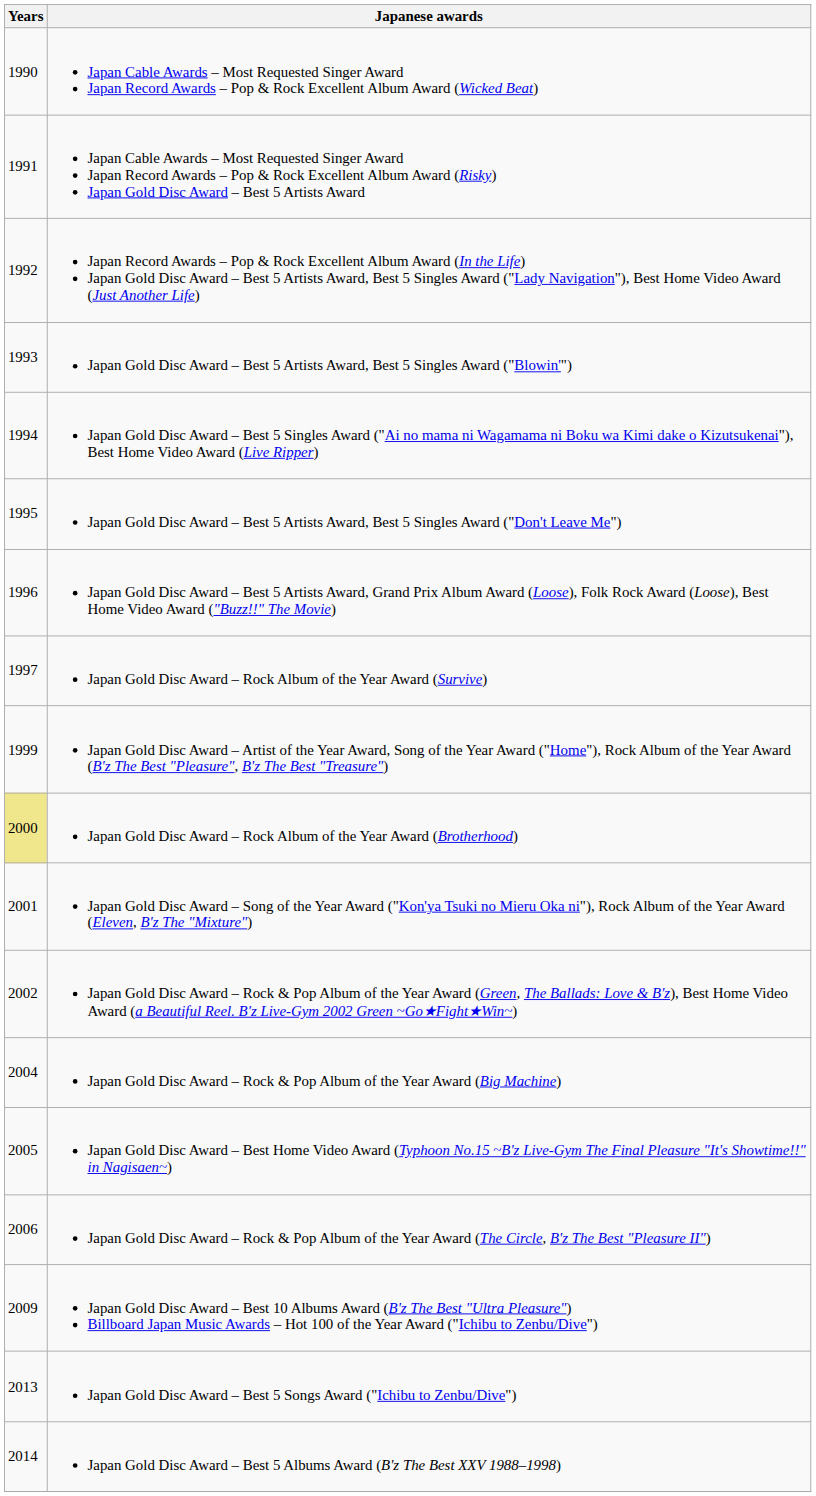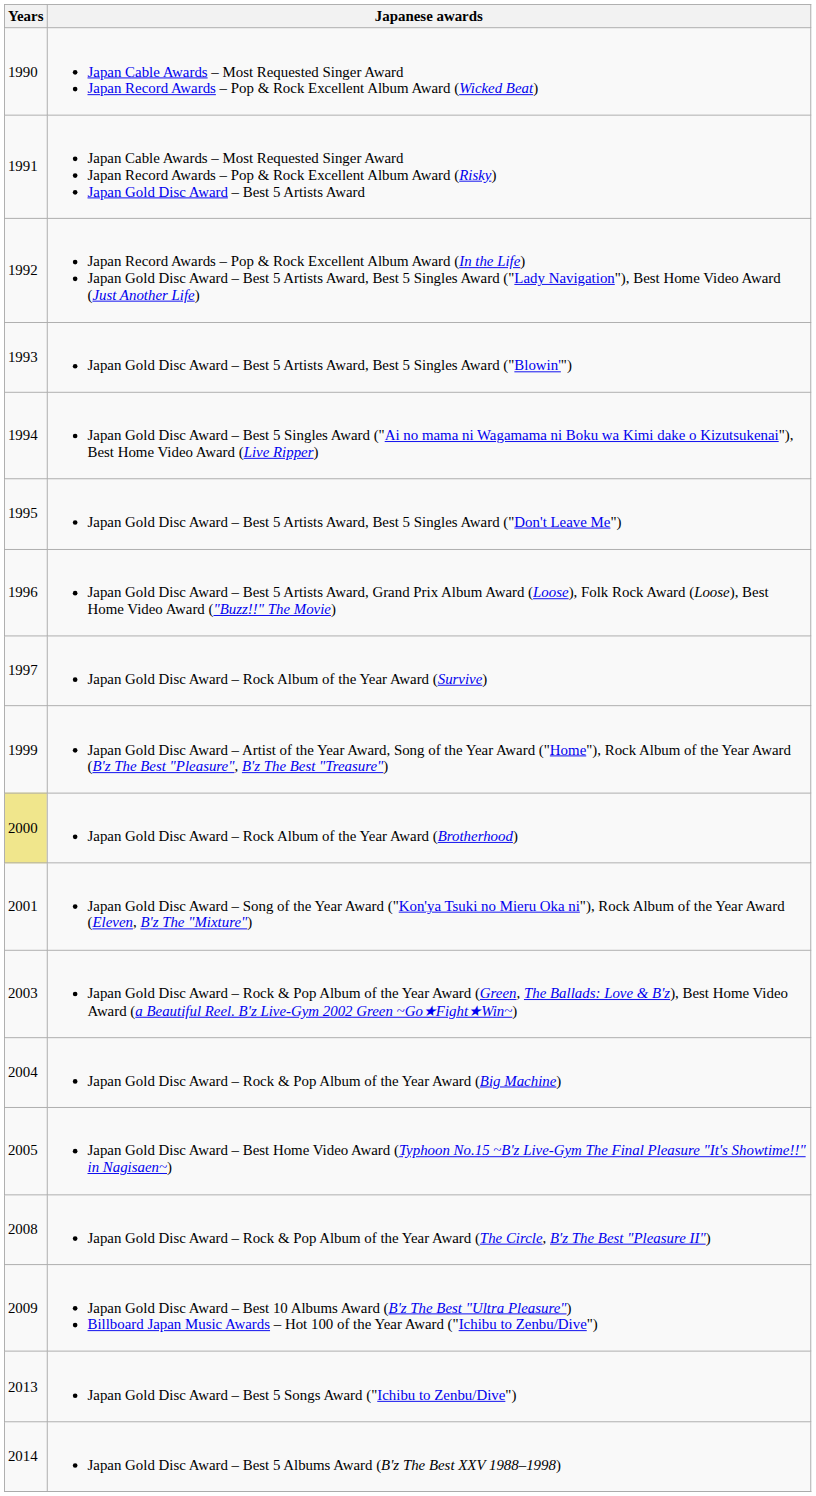 <table class="wikitable">
 <tr>
 <th>Years</th>
 <th>Japanese awards</th>
 </tr>
 <tr>
 <td>1990</td>
 <td><br><ul><li><a href='#'>Japan Cable Awards</a> – Most Requested Singer Award</li><li><a href='#'>Japan Record Awards</a> – Pop & Rock Excellent Album Award (<em><a href='#'>Wicked Beat</a></em>)</li></ul></td>
 </tr>
 <tr>
 <td>1991</td>
 <td><br><ul><li>Japan Cable Awards – Most Requested Singer Award</li><li>Japan Record Awards – Pop & Rock Excellent Album Award (<em><a href='#'>Risky</a></em>)</li><li><a href='#'>Japan Gold Disc Award</a> – Best 5 Artists Award</li></ul></td>
 </tr>
 <tr>
 <td>1992</td>
 <td><br><ul><li>Japan Record Awards – Pop & Rock Excellent Album Award (<em><a href='#'>In the Life</a></em>)</li><li>Japan Gold Disc Award – Best 5 Artists Award, Best 5 Singles Award ("<a href='#'>Lady Navigation</a>"), Best Home Video Award (<em><a href='#'>Just Another Life</a></em>)</li></ul></td>
 </tr>
 <tr>
 <td>1993</td>
 <td><br><ul><li>Japan Gold Disc Award – Best 5 Artists Award, Best 5 Singles Award ("<a href='#'>Blowin'</a>")</li></ul></td>
 </tr>
 <tr>
 <td>1994</td>
 <td><br><ul><li>Japan Gold Disc Award – Best 5 Singles Award ("<a href='#'>Ai no mama ni Wagamama ni Boku wa Kimi dake o Kizutsukenai</a>"), Best Home Video Award (<em><a href='#'>Live Ripper</a></em>)</li></ul></td>
 </tr>
 <tr>
 <td>1995</td>
 <td><br><ul><li>Japan Gold Disc Award – Best 5 Artists Award, Best 5 Singles Award ("<a href='#'>Don't Leave Me</a>")</li></ul></td>
 </tr>
 <tr>
 <td>1996</td>
 <td><br><ul><li>Japan Gold Disc Award – Best 5 Artists Award, Grand Prix Album Award (<em><a href='#'>Loose</a></em>), Folk Rock Award (<em>Loose</em>), Best Home Video Award (<em><a href='#'>"Buzz!!" The Movie</a></em>)</li></ul></td>
 </tr>
 <tr>
 <td>1997</td>
 <td><br><ul><li>Japan Gold Disc Award – Rock Album of the Year Award (<em><a href='#'>Survive</a></em>)</li></ul></td>
 </tr>
 <tr>
 <td>1999</td>
 <td><br><ul><li>Japan Gold Disc Award – Artist of the Year Award, Song of the Year Award ("<a href='#'>Home</a>"), Rock Album of the Year Award (<em><a href='#'>B'z The Best "Pleasure"</a></em>, <em><a href='#'>B'z The Best "Treasure"</a></em>)</li></ul></td>
 </tr>
 <tr>
 <td style="background: khaki;">2000</td>
 <td><br><ul><li>Japan Gold Disc Award – Rock Album of the Year Award (<em><a href='#'>Brotherhood</a></em>)</li></ul></td>
 </tr>
 <tr>
 <td>2001</td>
 <td><br><ul><li>Japan Gold Disc Award – Song of the Year Award ("<a href='#'>Kon'ya Tsuki no Mieru Oka ni</a>"), Rock Album of the Year Award (<em><a href='#'>Eleven</a></em>, <em><a href='#'>B'z The "Mixture"</a></em>)</li></ul></td>
 </tr>
 <tr>
-<td>2002</td>
+<td>2003</td>
 <td><br><ul><li>Japan Gold Disc Award – Rock & Pop Album of the Year Award (<em><a href='#'>Green</a></em>, <em><a href='#'>The Ballads: Love & B'z</a></em>), Best Home Video Award (<em><a href='#'>a Beautiful Reel. B'z Live-Gym 2002 Green ~Go★Fight★Win~</a></em>)</li></ul></td>
 </tr>
 <tr>
 <td>2004</td>
 <td><br><ul><li>Japan Gold Disc Award – Rock & Pop Album of the Year Award (<em><a href='#'>Big Machine</a></em>)</li></ul></td>
 </tr>
 <tr>
 <td>2005</td>
 <td><br><ul><li>Japan Gold Disc Award – Best Home Video Award (<em><a href='#'>Typhoon No.15 ~B'z Live-Gym The Final Pleasure "It's Showtime!!" in Nagisaen~</a></em>)</li></ul></td>
 </tr>
 <tr>
-<td>2006</td>
+<td>2008</td>
 <td><br><ul><li>Japan Gold Disc Award – Rock & Pop Album of the Year Award (<em><a href='#'>The Circle</a></em>, <em><a href='#'>B'z The Best "Pleasure II"</a></em>)</li></ul></td>
 </tr>
 <tr>
 <td>2009</td>
 <td><br><ul><li>Japan Gold Disc Award – Best 10 Albums Award (<em><a href='#'>B'z The Best "Ultra Pleasure"</a></em>)</li><li><a href='#'>Billboard Japan Music Awards</a> – Hot 100 of the Year Award ("<a href='#'>Ichibu to Zenbu/Dive</a>")</li></ul></td>
 </tr>
 <tr>
 <td>2013</td>
 <td><br><ul><li>Japan Gold Disc Award – Best 5 Songs Award ("<a href='#'>Ichibu to Zenbu/Dive</a>")</li></ul></td>
 </tr>
 <tr>
 <td>2014</td>
 <td><br><ul><li>Japan Gold Disc Award – Best 5 Albums Award (<em>B'z The Best XXV 1988–1998</em>)</li></ul></td>
 </tr>
 <tr>
 </tr>
 </table>
